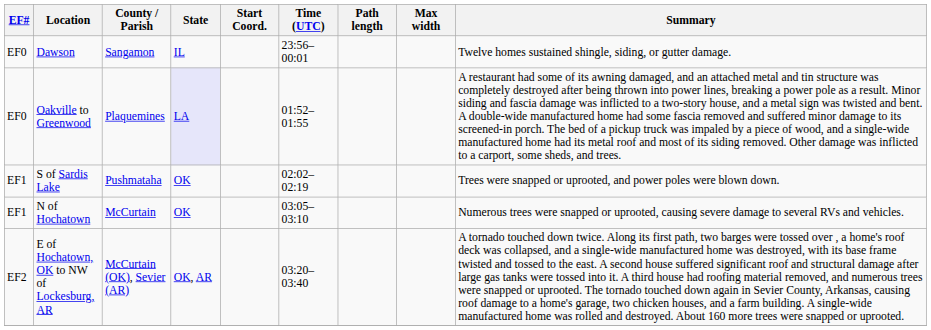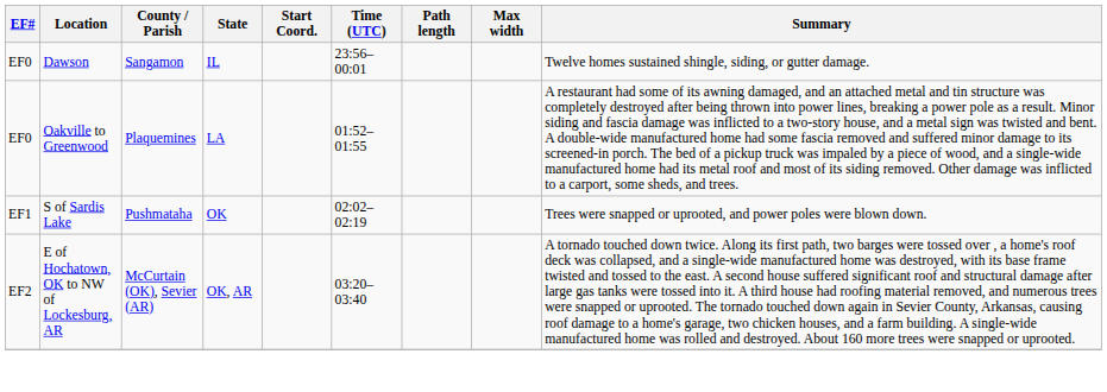 <table class="wikitable sortable" style="width:100%;">
 <tr>
 <th scope="col"  style="width:3%; text-align:center;"><a href='#'>EF#</a></th>
 <th scope="col"  style="width:7%; text-align:center;" class="unsortable">Location</th>
 <th scope="col"  style="width:6%; text-align:center;" class="unsortable">County / Parish</th>
 <th scope="col"  style="width:5%; text-align:center;">State</th>
 <th scope="col"  style="width:6%; text-align:center;">Start Coord.</th>
 <th scope="col"  style="width:6%; text-align:center;">Time (<a href='#'>UTC</a>)</th>
 <th scope="col"  style="width:6%; text-align:center;">Path length</th>
 <th scope="col"  style="width:6%; text-align:center;">Max width</th>
 <th scope="col" class="unsortable" style="width:48%; text-align:center;">Summary</th>
 </tr>
 <tr>
 <td>EF0</td>
 <td><a href='#'>Dawson</a></td>
 <td><a href='#'>Sangamon</a></td>
 <td><a href='#'>IL</a></td>
 <td></td>
 <td>23:56–00:01</td>
 <td></td>
 <td></td>
 <td>Twelve homes sustained shingle, siding, or gutter damage.</td>
 </tr>
 <tr>
 <td>EF0</td>
 <td><a href='#'>Oakville</a> to <a href='#'>Greenwood</a></td>
 <td><a href='#'>Plaquemines</a></td>
-<td style="background: lavender;"><a href='#'>LA</a></td>
+<td><a href='#'>LA</a></td>
 <td></td>
 <td>01:52–01:55</td>
 <td></td>
 <td></td>
 <td>A restaurant had some of its awning damaged, and an attached metal and tin structure was completely destroyed after being thrown  into power lines, breaking a power pole as a result. Minor siding and fascia damage was inflicted to a two-story house, and a metal sign was twisted and bent. A double-wide manufactured home had some fascia removed and suffered minor damage to its screened-in porch. The bed of a pickup truck was impaled by a piece of wood, and a single-wide manufactured home had its metal roof and most of its siding removed. Other damage was inflicted to a carport, some sheds, and trees.</td>
 </tr>
 <tr>
 <td>EF1</td>
 <td>S of <a href='#'>Sardis Lake</a></td>
 <td><a href='#'>Pushmataha</a></td>
 <td><a href='#'>OK</a></td>
 <td></td>
 <td>02:02–02:19</td>
 <td></td>
 <td></td>
 <td>Trees were snapped or uprooted, and power poles were blown down.</td>
 </tr>
 <tr>
-<td>EF1</td>
-<td>N of <a href='#'>Hochatown</a></td>
-<td><a href='#'>McCurtain</a></td>
-<td><a href='#'>OK</a></td>
-<td></td>
-<td>03:05–03:10</td>
-<td></td>
-<td></td>
-<td>Numerous trees were snapped or uprooted, causing severe damage to several RVs and vehicles.</td>
-</tr>
-<tr>
 <td>EF2</td>
 <td>E of <a href='#'>Hochatown, OK</a> to NW of <a href='#'>Lockesburg, AR</a></td>
 <td><a href='#'>McCurtain (OK)</a>, <a href='#'>Sevier (AR)</a></td>
 <td><a href='#'>OK</a>, <a href='#'>AR</a></td>
 <td></td>
 <td>03:20–03:40</td>
 <td></td>
 <td></td>
 <td>A tornado touched down twice. Along its first path, two barges were tossed over , a home's roof deck was collapsed, and a single-wide manufactured home was destroyed, with its base frame twisted and tossed  to the east. A second house suffered significant roof and structural damage after large gas tanks were tossed into it. A third house had roofing material removed, and numerous trees were snapped or uprooted. The tornado touched down again in Sevier County, Arkansas, causing roof damage to a home's garage, two chicken houses, and a farm building. A single-wide manufactured home was rolled and destroyed. About 160 more trees were snapped or uprooted.</td>
 </tr>
 <tr>
 </tr>
 </table>
